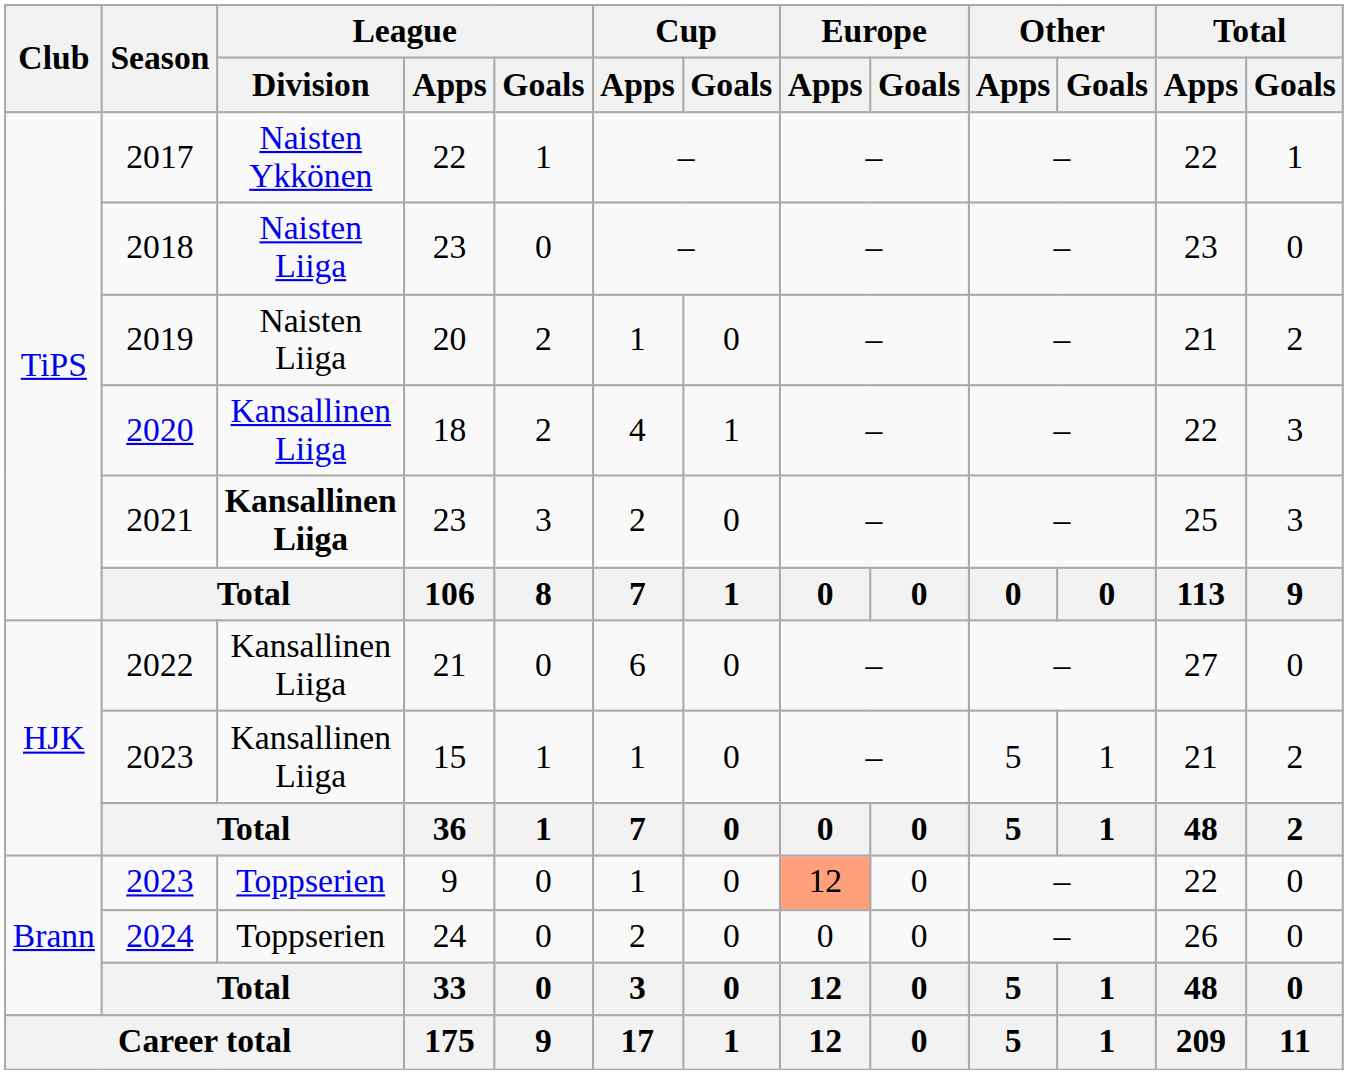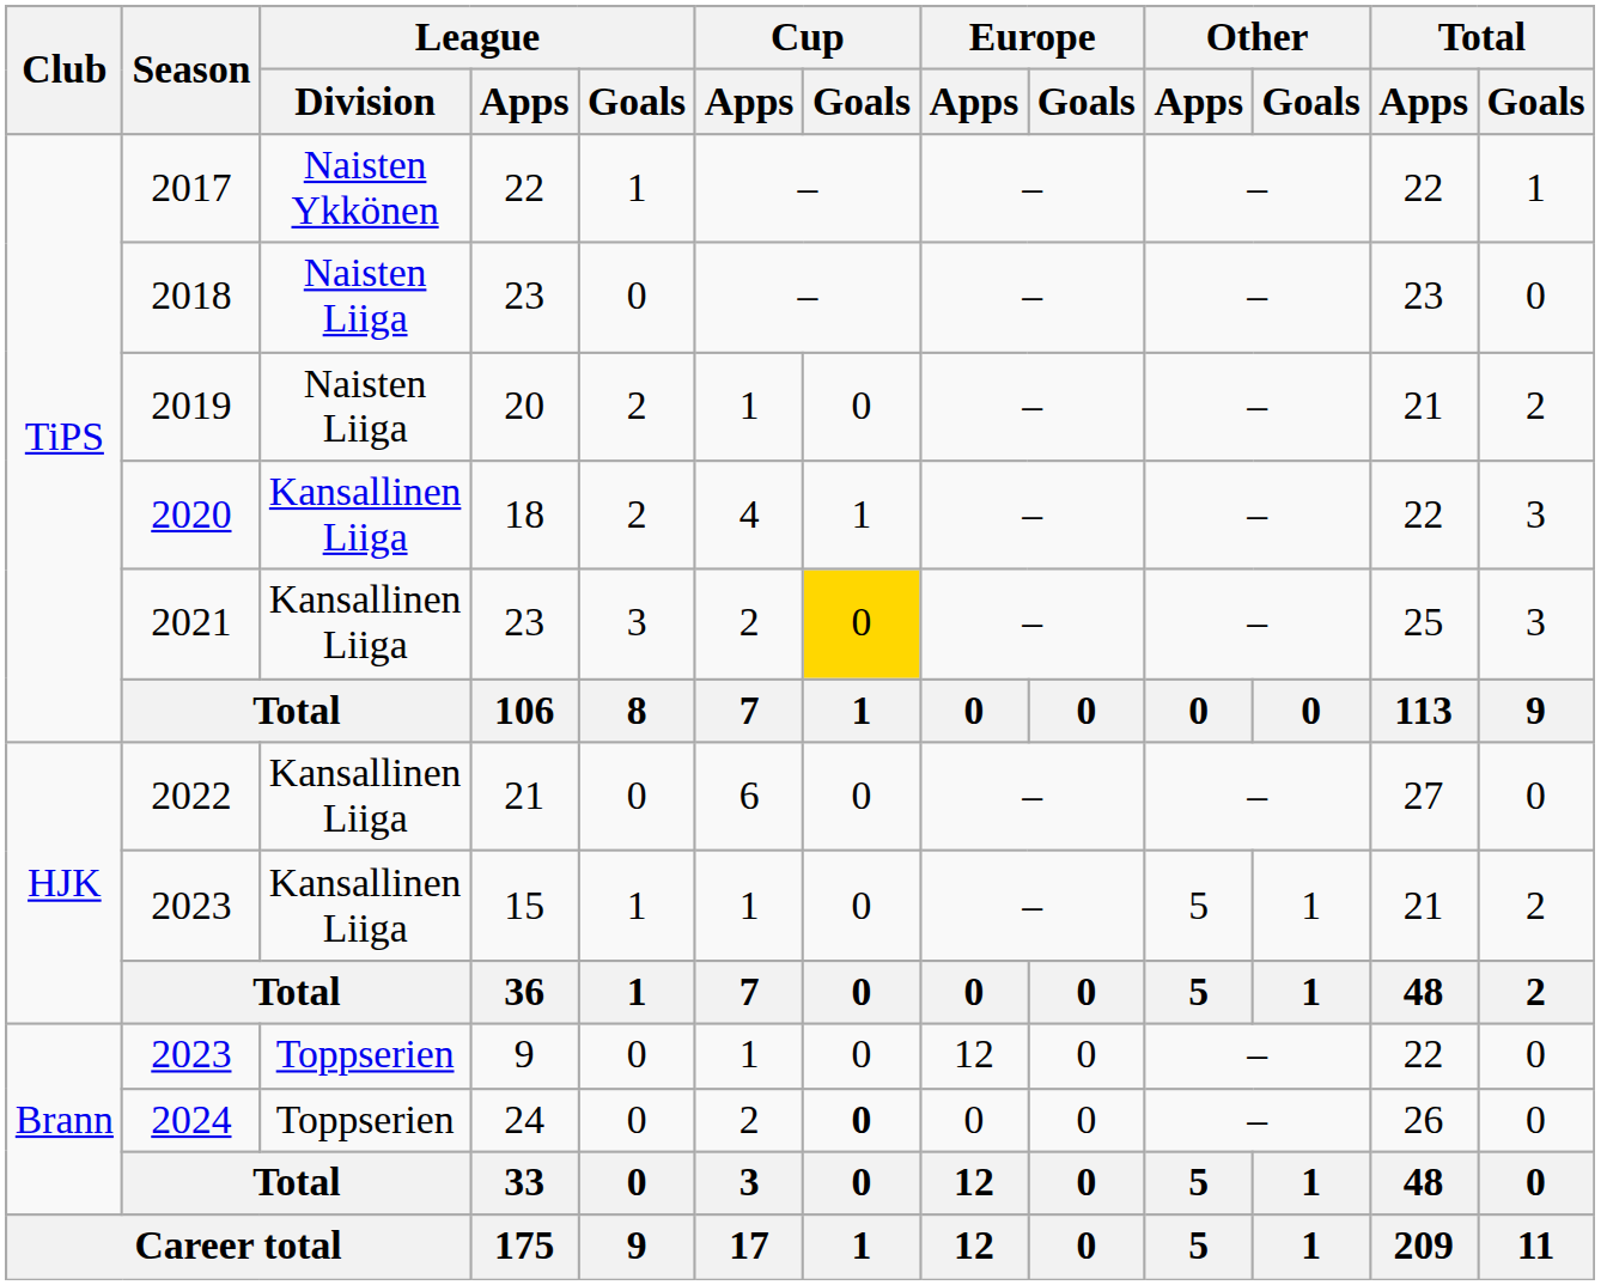 <table class="wikitable" style="text-align:center">
 <tr>
 <th rowspan="2">Club</th>
 <th rowspan="2">Season</th>
 <th colspan="3">League</th>
 <th colspan="2">Cup</th>
 <th colspan="2">Europe</th>
 <th colspan="2">Other</th>
 <th colspan="2">Total</th>
 </tr>
 <tr>
 <th>Division</th>
 <th>Apps</th>
 <th>Goals</th>
 <th>Apps</th>
 <th>Goals</th>
 <th>Apps</th>
 <th>Goals</th>
 <th>Apps</th>
 <th>Goals</th>
 <th>Apps</th>
 <th>Goals</th>
 </tr>
 <tr>
 <td rowspan="6"><a href='#'>TiPS</a></td>
 <td>2017</td>
 <td><a href='#'>Naisten Ykkönen</a></td>
 <td>22</td>
 <td>1</td>
 <td colspan=2>–</td>
 <td colspan=2>–</td>
 <td colspan=2>–</td>
 <td>22</td>
 <td>1</td>
 </tr>
 <tr>
 <td>2018</td>
 <td><a href='#'>Naisten Liiga</a></td>
 <td>23</td>
 <td>0</td>
 <td colspan=2>–</td>
 <td colspan=2>–</td>
 <td colspan=2>–</td>
 <td>23</td>
 <td>0</td>
 </tr>
 <tr>
 <td>2019</td>
 <td>Naisten Liiga</td>
 <td>20</td>
 <td>2</td>
 <td>1</td>
 <td>0</td>
 <td colspan=2>–</td>
 <td colspan=2>–</td>
 <td>21</td>
 <td>2</td>
 </tr>
 <tr>
 <td><a href='#'>2020</a></td>
 <td><a href='#'>Kansallinen Liiga</a></td>
 <td>18</td>
 <td>2</td>
 <td>4</td>
 <td>1</td>
 <td colspan=2>–</td>
 <td colspan=2>–</td>
 <td>22</td>
 <td>3</td>
 </tr>
 <tr>
 <td>2021</td>
-<td><strong>Kansallinen Liiga</strong></td>
+<td>Kansallinen Liiga</td>
 <td>23</td>
 <td>3</td>
 <td>2</td>
-<td>0</td>
+<td style="background: gold;">0</td>
 <td colspan=2>–</td>
 <td colspan=2>–</td>
 <td>25</td>
 <td>3</td>
 </tr>
 <tr>
 <th colspan="2">Total</th>
 <th>106</th>
 <th>8</th>
 <th>7</th>
 <th>1</th>
 <th>0</th>
 <th>0</th>
 <th>0</th>
 <th>0</th>
 <th>113</th>
 <th>9</th>
 </tr>
 <tr>
 <td rowspan=3><a href='#'>HJK</a></td>
 <td>2022</td>
 <td>Kansallinen Liiga</td>
 <td>21</td>
 <td>0</td>
 <td>6</td>
 <td>0</td>
 <td colspan=2>–</td>
 <td colspan=2>–</td>
 <td>27</td>
 <td>0</td>
 </tr>
 <tr>
 <td>2023</td>
 <td>Kansallinen Liiga</td>
 <td>15</td>
 <td>1</td>
 <td>1</td>
 <td>0</td>
 <td colspan=2>–</td>
 <td>5</td>
 <td>1</td>
 <td>21</td>
 <td>2</td>
 </tr>
 <tr>
 <th colspan="2">Total</th>
 <th>36</th>
 <th>1</th>
 <th>7</th>
 <th>0</th>
 <th>0</th>
 <th>0</th>
 <th>5</th>
 <th>1</th>
 <th>48</th>
 <th>2</th>
 </tr>
 <tr>
 <td rowspan=3><a href='#'>Brann</a></td>
 <td><a href='#'>2023</a></td>
 <td><a href='#'>Toppserien</a></td>
 <td>9</td>
 <td>0</td>
 <td>1</td>
 <td>0</td>
-<td style="background: lightsalmon;">12</td>
+<td>12</td>
 <td>0</td>
 <td colspan=2>–</td>
 <td>22</td>
 <td>0</td>
 </tr>
 <tr>
 <td><a href='#'>2024</a></td>
 <td>Toppserien</td>
 <td>24</td>
 <td>0</td>
 <td>2</td>
-<td>0</td>
+<td><strong>0</strong></td>
 <td>0</td>
 <td>0</td>
 <td colspan=2>–</td>
 <td>26</td>
 <td>0</td>
 </tr>
 <tr>
 <th colspan="2">Total</th>
 <th>33</th>
 <th>0</th>
 <th>3</th>
 <th>0</th>
 <th>12</th>
 <th>0</th>
 <th>5</th>
 <th>1</th>
 <th>48</th>
 <th>0</th>
 </tr>
 <tr>
 <th colspan="3">Career total</th>
 <th>175</th>
 <th>9</th>
 <th>17</th>
 <th>1</th>
 <th>12</th>
 <th>0</th>
 <th>5</th>
 <th>1</th>
 <th>209</th>
 <th>11</th>
 </tr>
 </table>
